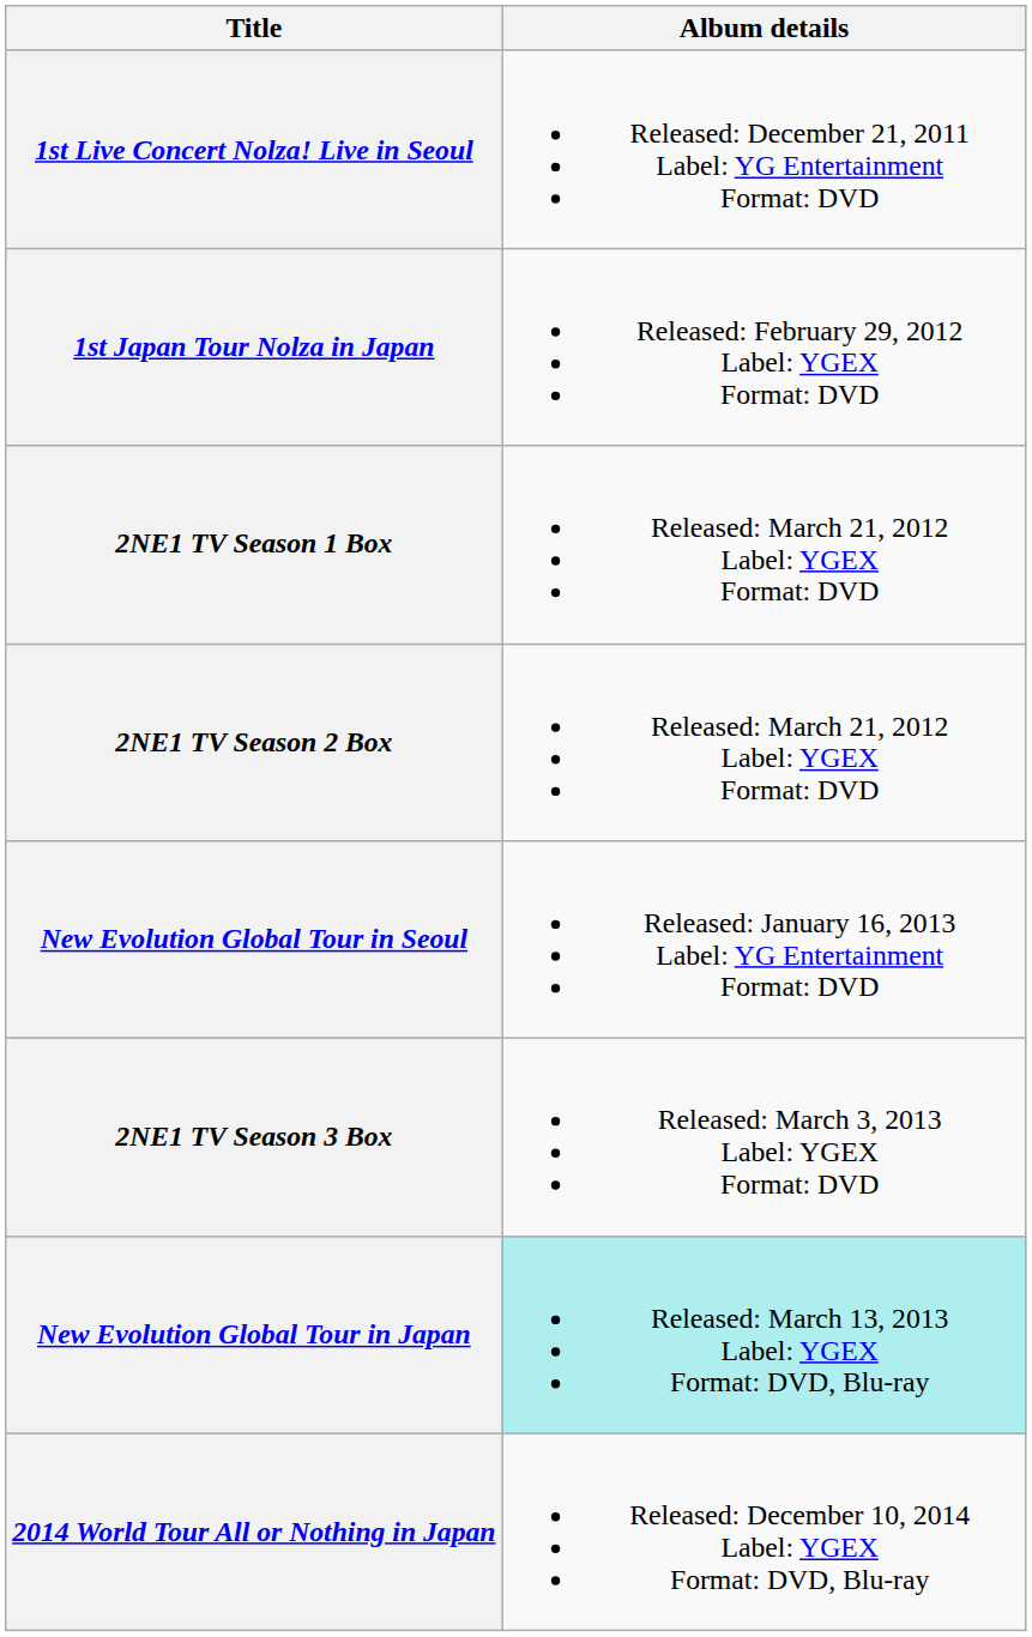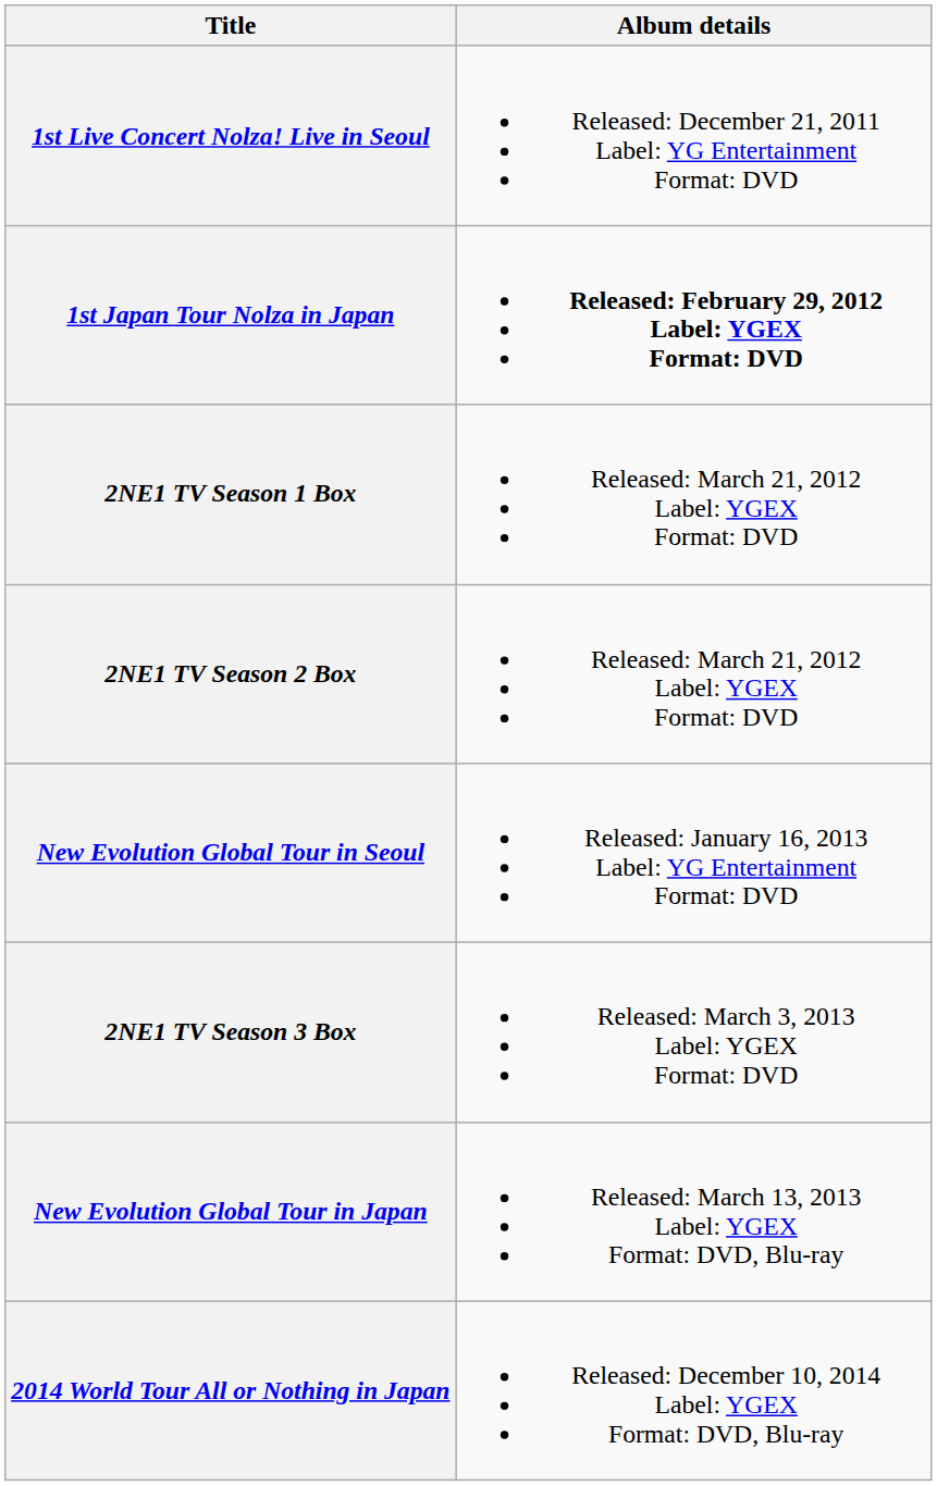 <table class="wikitable plainrowheaders" style="text-align:center;">
 <tr>
 <th scope="col">Title</th>
 <th scope="col" style="width:18em;">Album details</th>
 </tr>
 <tr>
 <th scope="row"><em><a href='#'>1st Live Concert Nolza! Live in Seoul</a></em></th>
 <td><br><ul><li>Released: December 21, 2011</li><li>Label: <a href='#'>YG Entertainment</a></li><li>Format: DVD</li></ul></td>
 </tr>
 <tr>
 <th scope="row"><em><a href='#'>1st Japan Tour Nolza in Japan</a></em></th>
-<td><br><ul><li>Released: February 29, 2012</li><li>Label: <a href='#'>YGEX</a></li><li>Format: DVD</li></ul></td>
+<td><strong><br><ul><li>Released: February 29, 2012</li><li>Label: <a href='#'>YGEX</a></li><li>Format: DVD</li></ul></strong></td>
 </tr>
 <tr>
 <th scope="row"><em>2NE1 TV Season 1 Box</em></th>
 <td><br><ul><li>Released: March 21, 2012</li><li>Label: <a href='#'>YGEX</a></li><li>Format: DVD</li></ul></td>
 </tr>
 <tr>
 <th scope="row"><em>2NE1 TV Season 2 Box</em></th>
 <td><br><ul><li>Released: March 21, 2012</li><li>Label: <a href='#'>YGEX</a></li><li>Format: DVD</li></ul></td>
 </tr>
 <tr>
 <th scope="row"><em><a href='#'>New Evolution Global Tour in Seoul</a></em></th>
 <td><br><ul><li>Released: January 16, 2013</li><li>Label: <a href='#'>YG Entertainment</a></li><li>Format: DVD</li></ul></td>
 </tr>
 <tr>
 <th scope="row"><em>2NE1 TV Season 3 Box</em></th>
 <td><br><ul><li>Released: March 3, 2013</li><li>Label: YGEX</li><li>Format: DVD</li></ul></td>
 </tr>
 <tr>
 <th scope="row"><em><a href='#'>New Evolution Global Tour in Japan</a></em></th>
-<td style="background: paleturquoise;"><br><ul><li>Released: March 13, 2013</li><li>Label: <a href='#'>YGEX</a></li><li>Format: DVD, Blu-ray</li></ul></td>
+<td><br><ul><li>Released: March 13, 2013</li><li>Label: <a href='#'>YGEX</a></li><li>Format: DVD, Blu-ray</li></ul></td>
 </tr>
 <tr>
 <th scope="row"><em><a href='#'>2014 World Tour All or Nothing in Japan</a></em></th>
 <td><br><ul><li>Released: December 10, 2014</li><li>Label: <a href='#'>YGEX</a></li><li>Format: DVD, Blu-ray</li></ul></td>
 </tr>
 </table>
